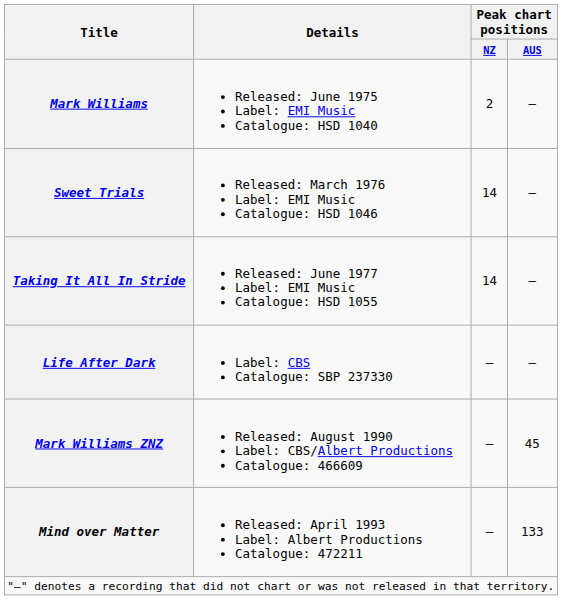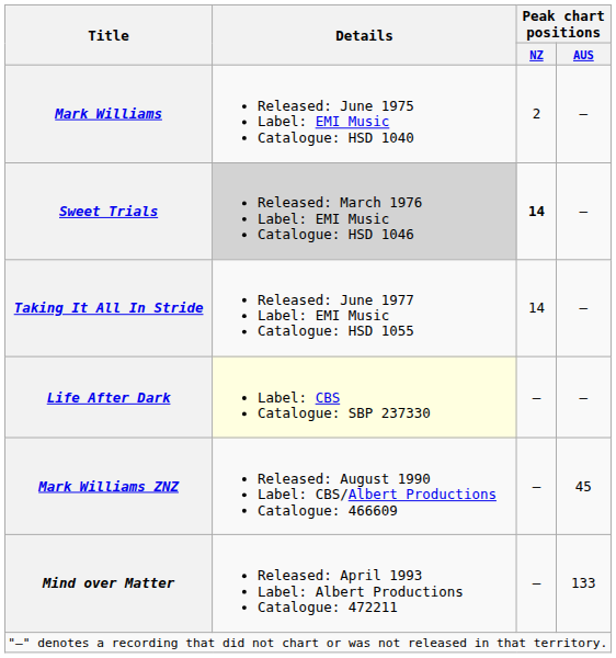 <table class="wikitable plainrowheaders">
 <tr>
 <th rowspan="2">Title</th>
 <th rowspan="2">Details</th>
 <th colspan="2">Peak chart<br>positions</th>
 </tr>
 <tr>
 <th><small><a href='#'>NZ</a></small><br></th>
 <th><small><a href='#'>AUS</a></small><br></th>
 </tr>
 <tr>
 <th scope="row"><em><a href='#'>Mark Williams</a></em></th>
 <td><br><ul><li>Released: June 1975</li><li>Label: <a href='#'>EMI Music</a></li><li>Catalogue: HSD 1040</li></ul></td>
 <td align="center">2</td>
 <td align="center">—</td>
 </tr>
 <tr>
 <th scope="row"><em><a href='#'>Sweet Trials</a></em></th>
-<td><br><ul><li>Released: March 1976</li><li>Label: EMI Music</li><li>Catalogue: HSD 1046</li></ul></td>
-<td align="center">14</td>
+<td style="background: lightgrey;"><br><ul><li>Released: March 1976</li><li>Label: EMI Music</li><li>Catalogue: HSD 1046</li></ul></td>
+<td align="center"><strong>14</strong></td>
 <td align="center">—</td>
 </tr>
 <tr>
 <th scope="row"><em><a href='#'>Taking It All In Stride</a></em></th>
 <td><br><ul><li>Released: June 1977</li><li>Label: EMI Music</li><li>Catalogue: HSD 1055</li></ul></td>
 <td align="center">14</td>
 <td align="center">—</td>
 </tr>
 <tr>
 <th scope="row"><em><a href='#'>Life After Dark</a></em></th>
-<td><br><ul><li>Label: <a href='#'>CBS</a></li><li>Catalogue: SBP 237330</li></ul></td>
+<td style="background: lightyellow;"><br><ul><li>Label: <a href='#'>CBS</a></li><li>Catalogue: SBP 237330</li></ul></td>
 <td align="center">—</td>
 <td align="center">—</td>
 </tr>
 <tr>
 <th scope="row"><em><a href='#'>Mark Williams ZNZ</a></em></th>
 <td><br><ul><li>Released: August 1990</li><li>Label: CBS/<a href='#'>Albert Productions</a></li><li>Catalogue: 466609</li></ul></td>
 <td align="center">—</td>
 <td align="center">45</td>
 </tr>
 <tr>
 <th scope="row"><em>Mind over Matter</em></th>
 <td><br><ul><li>Released: April 1993</li><li>Label: Albert Productions</li><li>Catalogue: 472211</li></ul></td>
 <td align="center">—</td>
 <td align="center">133</td>
 </tr>
 <tr>
 <td colspan="5" style="font-size:90%" align="center">"—" denotes a recording that did not chart or was not released in that territory.</td>
 </tr>
 </table>
